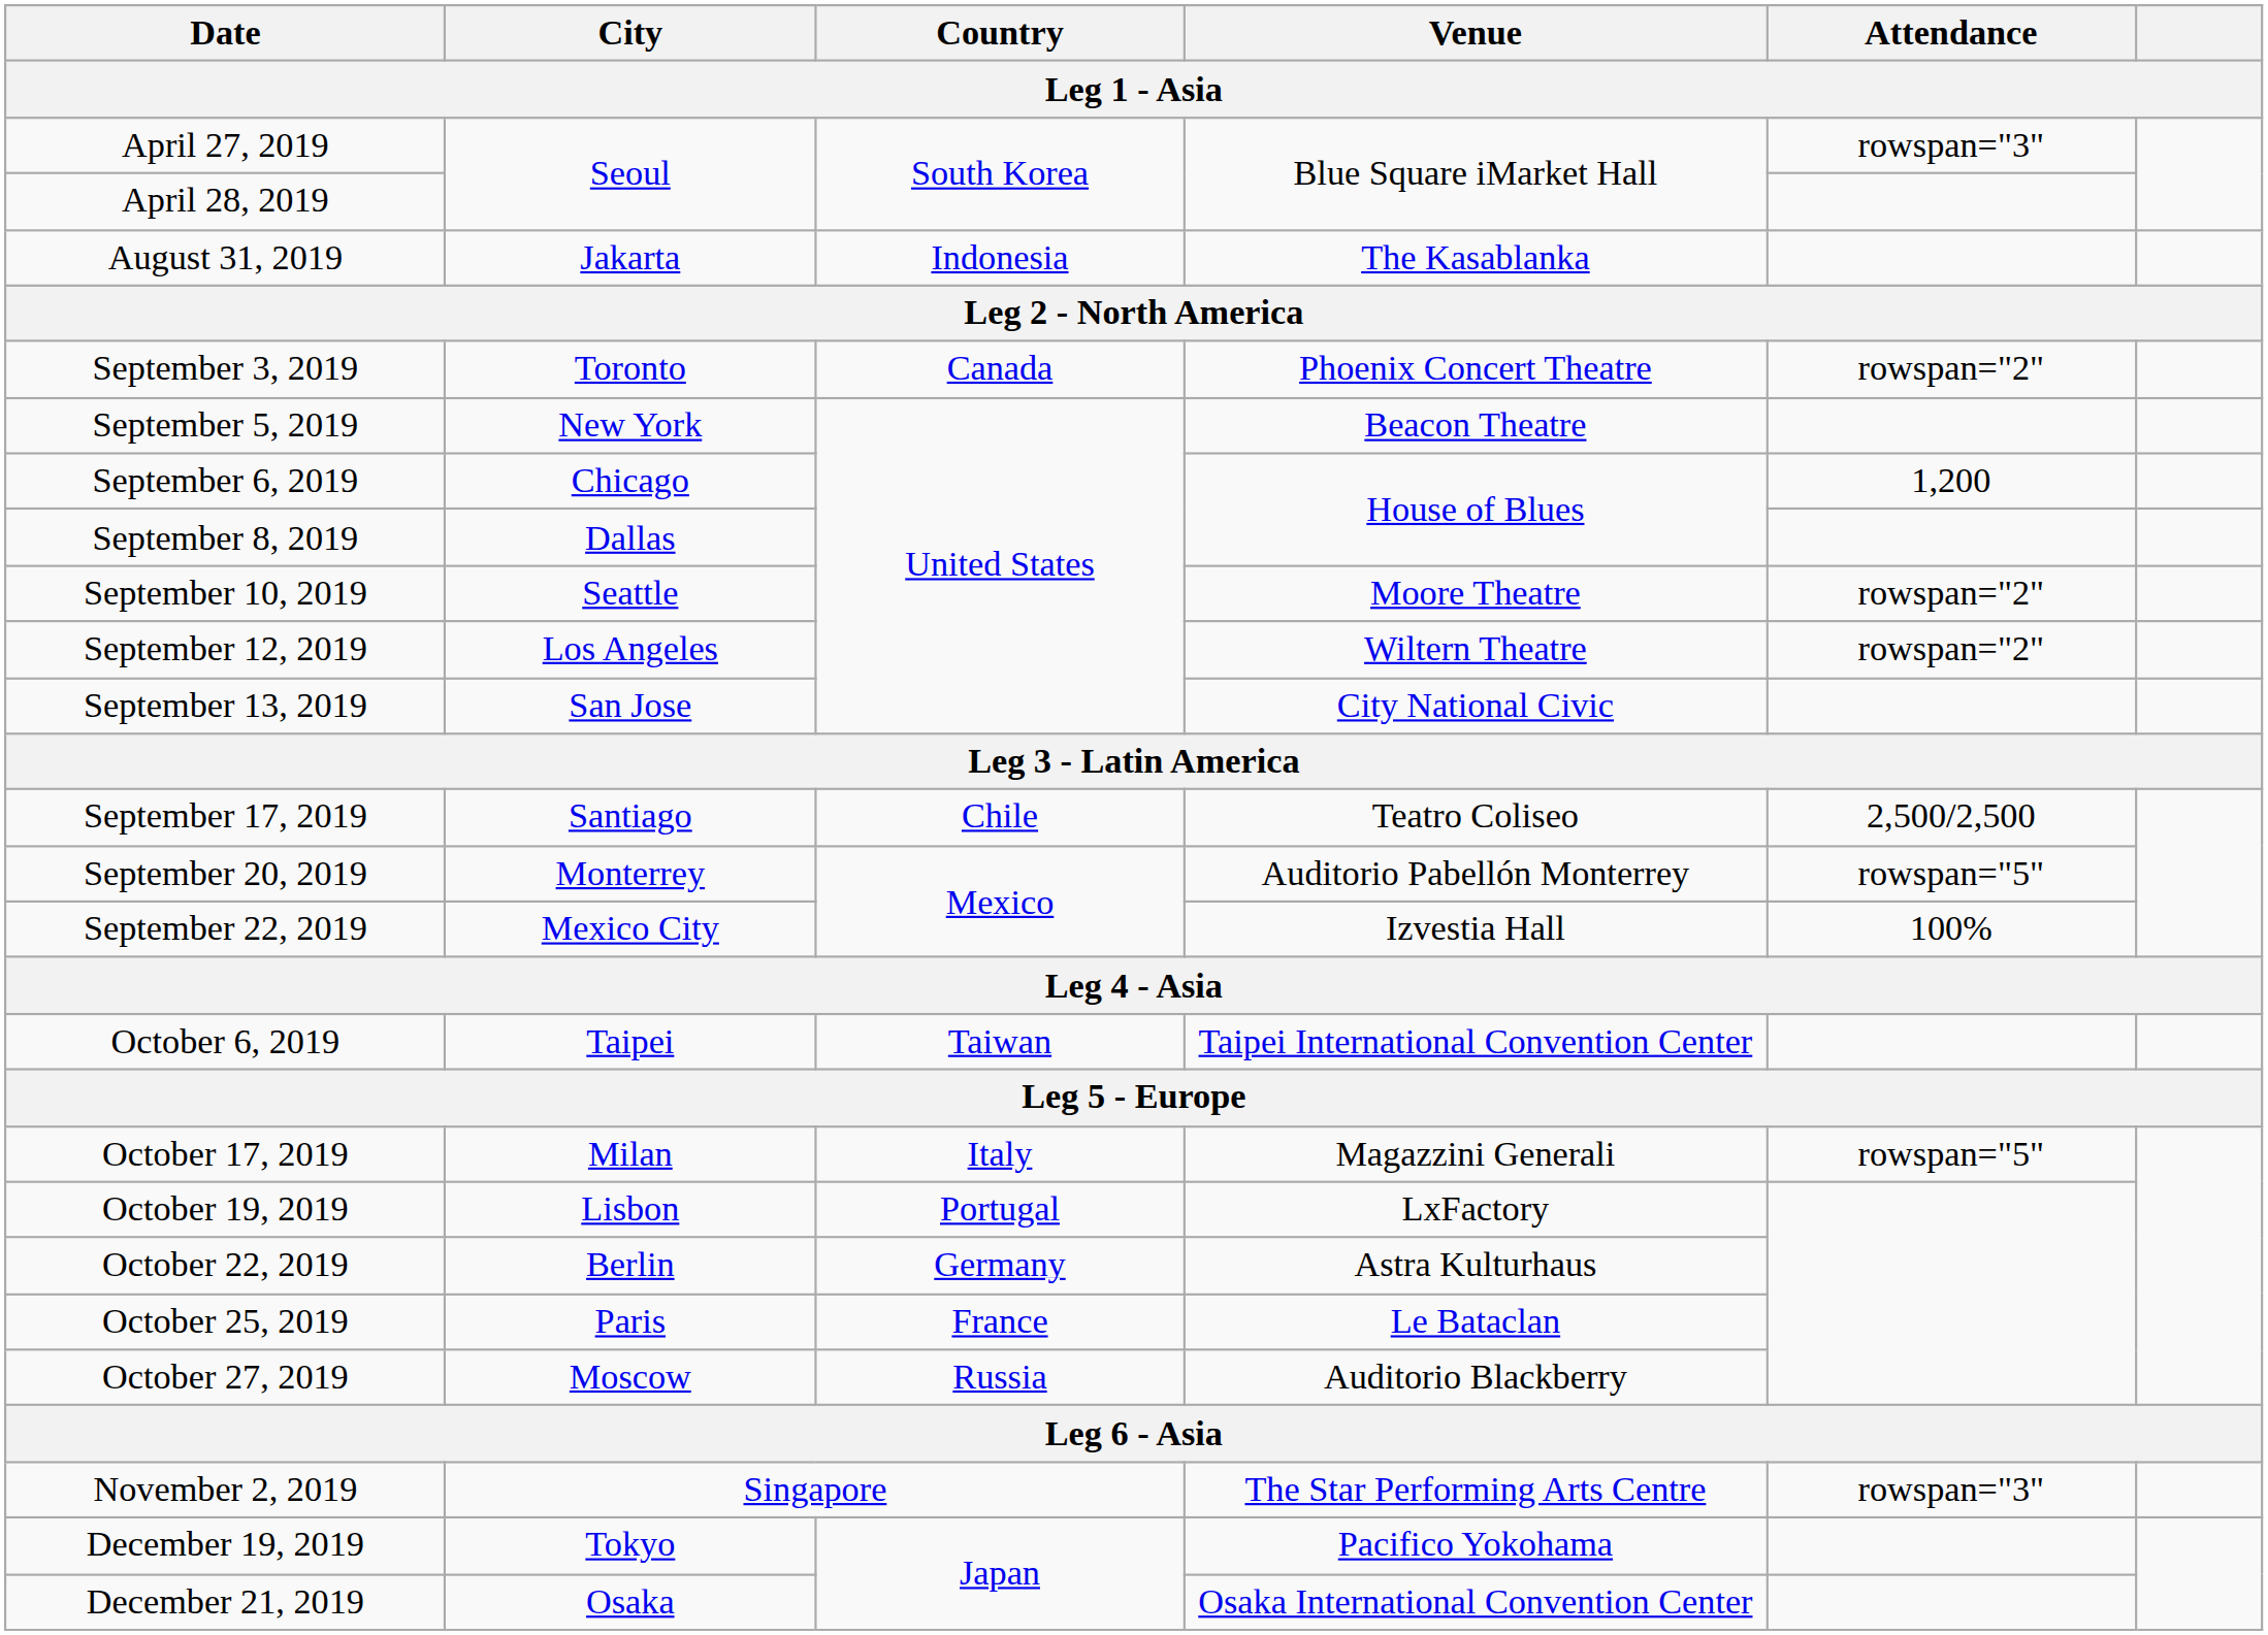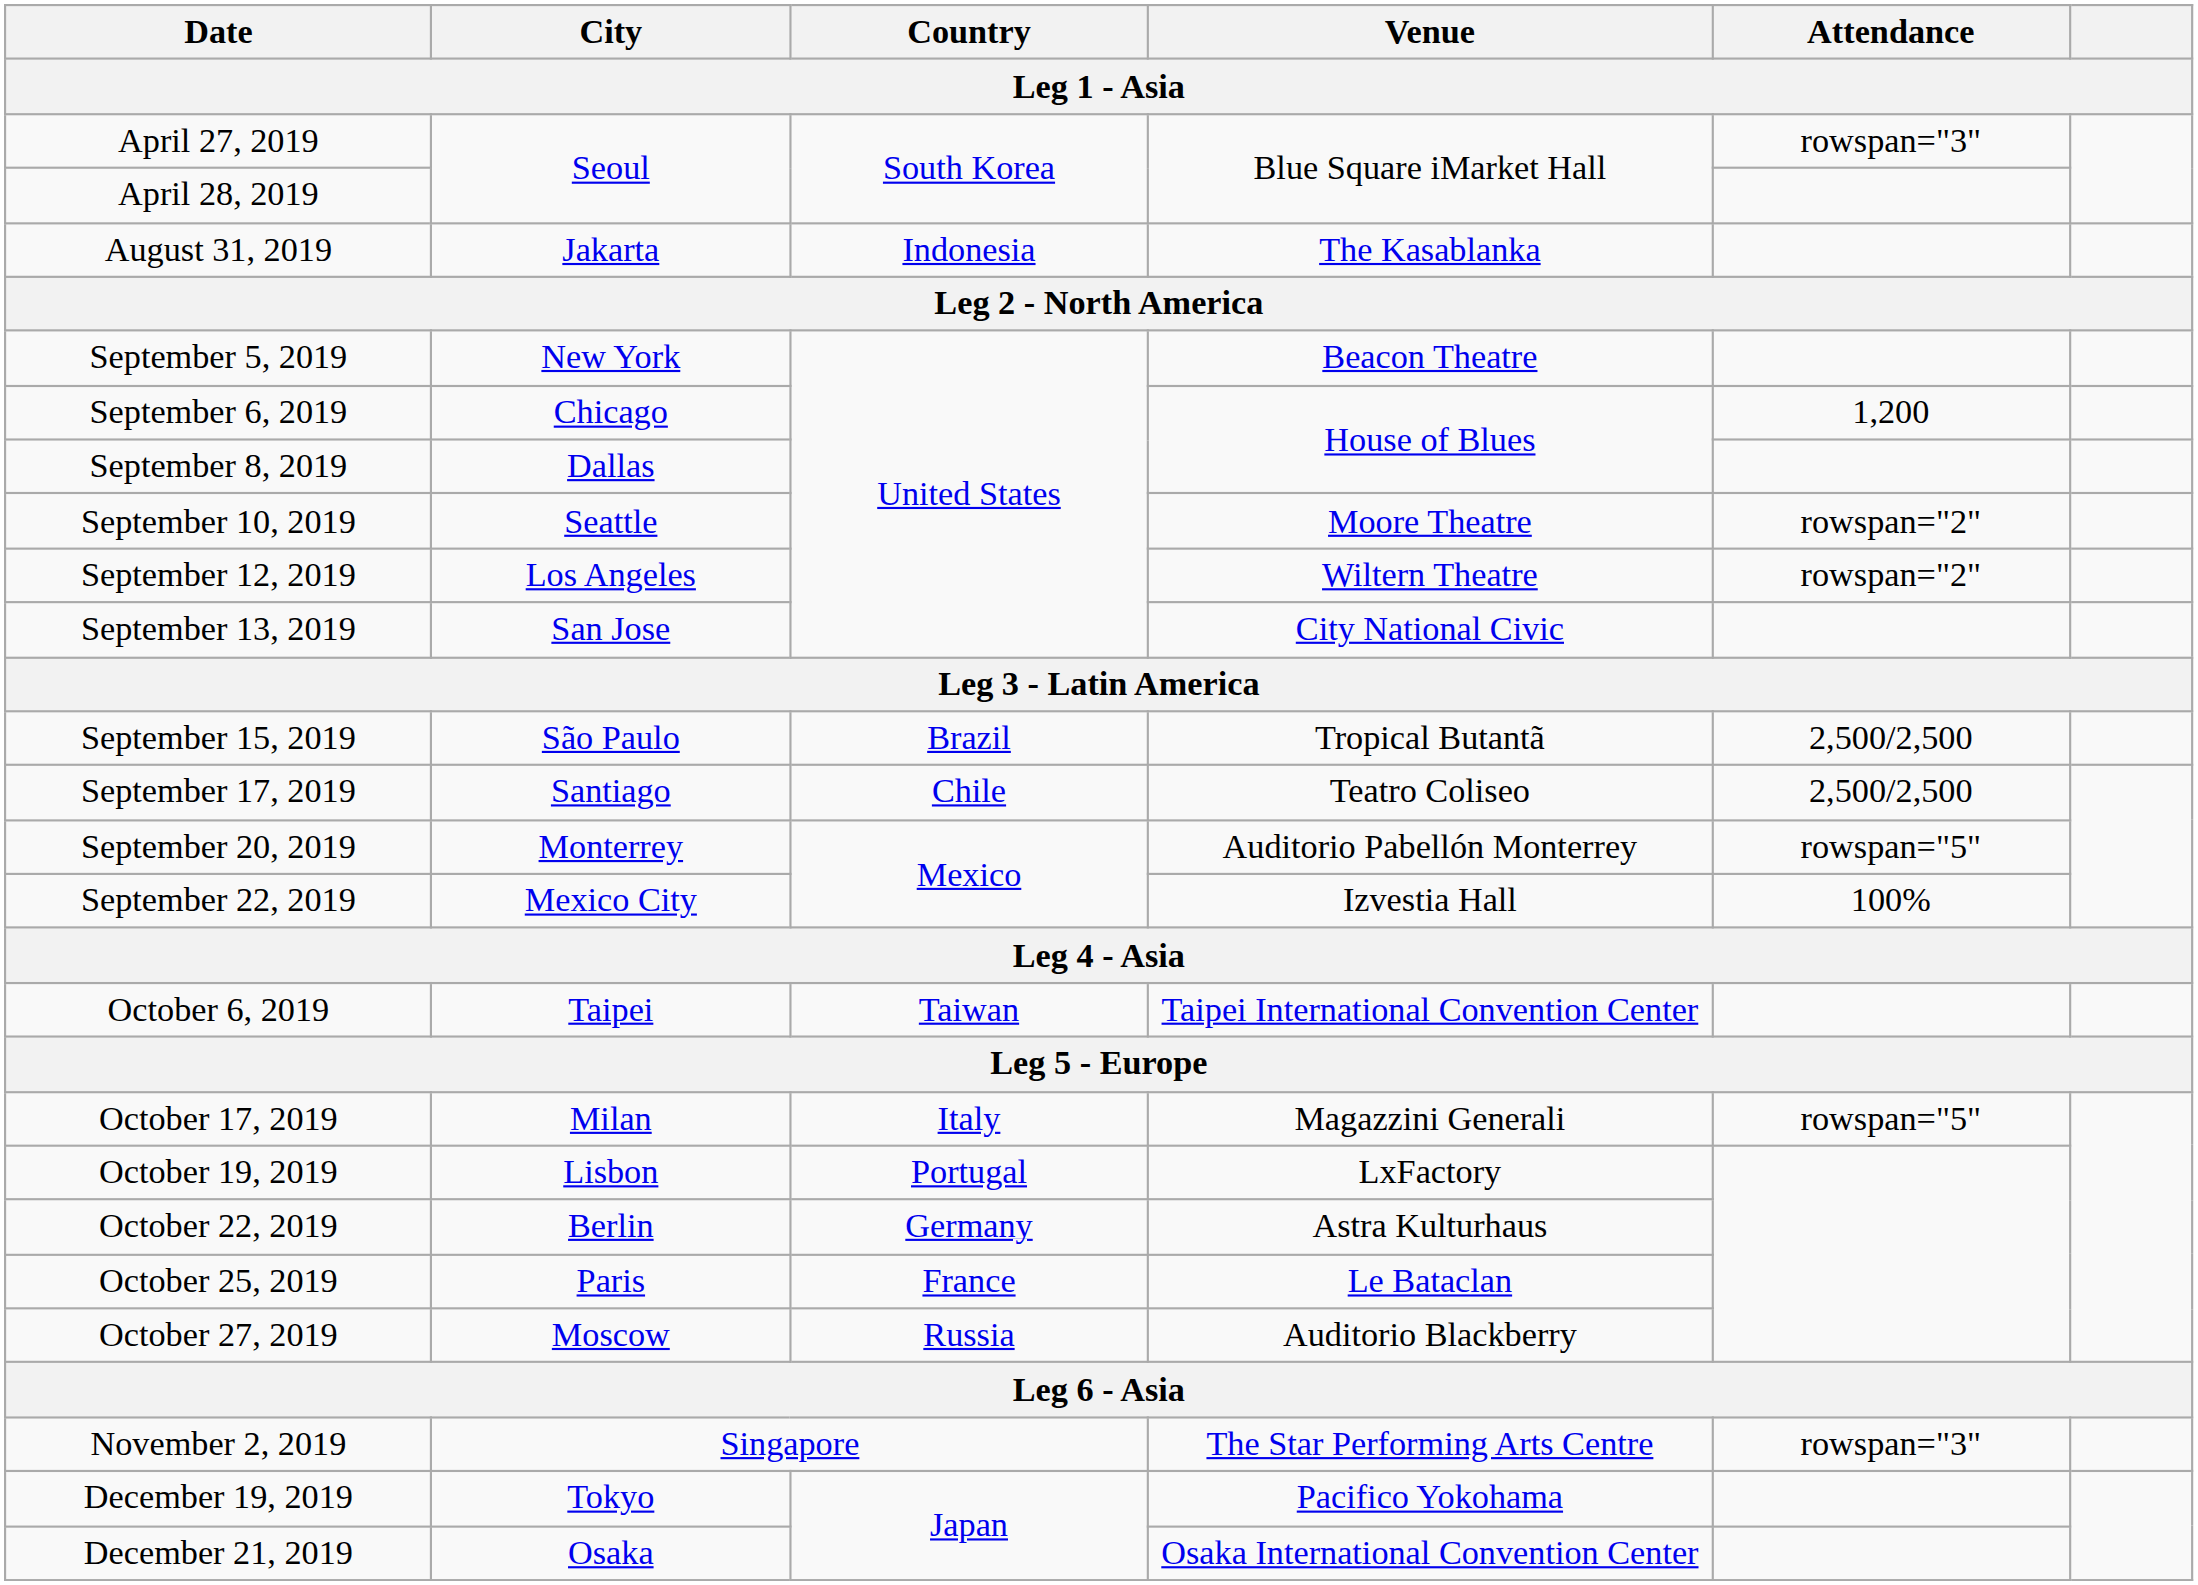 <table class="wikitable plainrowheaders" style="text-align:center;">
 <tr>
 <th scope="col" style="width:12em;">Date</th>
 <th scope="col" style="width:10em;">City</th>
 <th scope="col" style="width:10em;">Country</th>
 <th scope="col" style="width:16em;">Venue</th>
 <th scope="col" style="width:10em;">Attendance</th>
 <th width="50"></th>
 </tr>
 <tr>
 <th colspan="6"><strong>Leg 1 - Asia</strong></th>
 </tr>
 <tr>
 <td>April 27, 2019</td>
 <td rowspan="2"><a href='#'>Seoul</a></td>
 <td rowspan="2"><a href='#'>South Korea</a></td>
 <td rowspan="2">Blue Square iMarket Hall</td>
 <td>rowspan="3" </td>
 <td rowspan="2"></td>
 </tr>
 <tr>
 <td>April 28, 2019</td>
 </tr>
 <tr>
 <td>August 31, 2019</td>
 <td><a href='#'>Jakarta</a></td>
 <td><a href='#'>Indonesia</a></td>
 <td><a href='#'> The Kasablanka</a></td>
 <td></td>
 </tr>
 <tr>
 <th colspan="6"><strong>Leg 2 - North America</strong></th>
-</tr>
-<tr>
-<td>September 3, 2019</td>
-<td><a href='#'>Toronto</a></td>
-<td><a href='#'>Canada</a></td>
-<td><a href='#'>Phoenix Concert Theatre</a></td>
-<td>rowspan="2" </td>
-<td></td>
 </tr>
 <tr>
 <td>September 5, 2019</td>
 <td><a href='#'>New York</a></td>
 <td rowspan="6"><a href='#'>United States</a></td>
 <td><a href='#'>Beacon Theatre</a></td>
 <td></td>
 </tr>
 <tr>
 <td>September 6, 2019</td>
 <td><a href='#'>Chicago</a></td>
 <td rowspan="2"><a href='#'>House of Blues</a></td>
 <td>1,200</td>
 <td></td>
 </tr>
 <tr>
 <td>September 8, 2019</td>
 <td><a href='#'>Dallas</a></td>
 <td></td>
 <td></td>
 </tr>
 <tr>
 <td>September 10, 2019</td>
 <td><a href='#'>Seattle</a></td>
 <td><a href='#'>Moore Theatre</a></td>
 <td>rowspan="2" </td>
 <td></td>
 </tr>
 <tr>
 <td>September 12, 2019</td>
 <td><a href='#'>Los Angeles</a></td>
 <td><a href='#'>Wiltern Theatre</a></td>
 <td>rowspan="2" </td>
 <td></td>
 </tr>
 <tr>
 <td>September 13, 2019</td>
 <td><a href='#'>San Jose</a></td>
 <td><a href='#'>City National Civic</a></td>
 <td></td>
 </tr>
 <tr>
 <th colspan="6"><strong>Leg 3 - Latin America</strong></th>
+</tr>
+<tr>
+<td>September 15, 2019</td>
+<td><a href='#'>São Paulo</a></td>
+<td><a href='#'>Brazil</a></td>
+<td>Tropical Butantã</td>
+<td>2,500/2,500</td>
+<td></td>
 </tr>
 <tr>
 <td>September 17, 2019</td>
 <td><a href='#'>Santiago</a></td>
 <td><a href='#'>Chile</a></td>
 <td>Teatro Coliseo</td>
 <td>2,500/2,500</td>
 <td rowspan="3"></td>
 </tr>
 <tr>
 <td>September 20, 2019</td>
 <td><a href='#'>Monterrey</a></td>
 <td rowspan="2"><a href='#'>Mexico</a></td>
 <td>Auditorio Pabellón Monterrey</td>
 <td>rowspan="5" </td>
 </tr>
 <tr>
 <td>September 22, 2019</td>
 <td><a href='#'>Mexico City</a></td>
 <td>Izvestia Hall</td>
 <td>100%</td>
 </tr>
 <tr>
 <th colspan="6"><strong>Leg 4 - Asia</strong></th>
 </tr>
 <tr>
 <td>October 6, 2019</td>
 <td><a href='#'>Taipei</a></td>
 <td><a href='#'>Taiwan</a></td>
 <td><a href='#'>Taipei International Convention Center</a></td>
 <td></td>
 <td></td>
 </tr>
 <tr>
 <th colspan="6"><strong>Leg 5 - Europe</strong></th>
 </tr>
 <tr>
 <td>October 17, 2019</td>
 <td><a href='#'>Milan</a></td>
 <td><a href='#'>Italy</a></td>
 <td>Magazzini Generali</td>
 <td>rowspan="5" </td>
 <td rowspan="5"></td>
 </tr>
 <tr>
 <td>October 19, 2019</td>
 <td><a href='#'>Lisbon</a></td>
 <td><a href='#'>Portugal</a></td>
 <td>LxFactory</td>
 </tr>
 <tr>
 <td>October 22, 2019</td>
 <td><a href='#'>Berlin</a></td>
 <td><a href='#'>Germany</a></td>
 <td>Astra Kulturhaus</td>
 </tr>
 <tr>
 <td>October 25, 2019</td>
 <td><a href='#'>Paris</a></td>
 <td><a href='#'>France</a></td>
 <td><a href='#'>Le Bataclan</a></td>
 </tr>
 <tr>
 <td>October 27, 2019</td>
 <td><a href='#'>Moscow</a></td>
 <td><a href='#'>Russia</a></td>
 <td>Auditorio Blackberry</td>
 </tr>
 <tr>
 <th colspan="6"><strong>Leg 6 - Asia</strong></th>
 </tr>
 <tr>
 <td>November 2, 2019</td>
 <td colspan="2"><a href='#'>Singapore</a></td>
 <td><a href='#'>The Star Performing Arts Centre</a></td>
 <td>rowspan="3"</td>
 <td></td>
 </tr>
 <tr>
 <td>December 19, 2019</td>
 <td><a href='#'>Tokyo</a></td>
 <td rowspan="2"><a href='#'>Japan</a></td>
 <td><a href='#'>Pacifico Yokohama</a></td>
 <td></td>
 </tr>
 <tr>
 <td>December 21, 2019</td>
 <td><a href='#'>Osaka</a></td>
 <td><a href='#'>Osaka International Convention Center</a></td>
 <td></td>
 </tr>
 </table>
